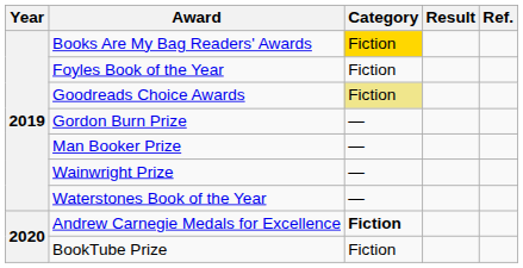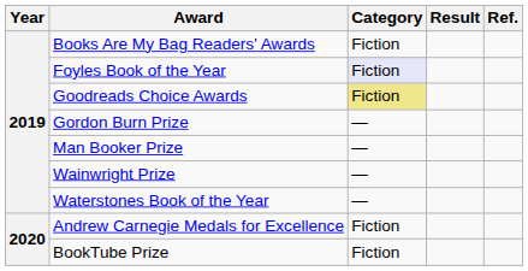 <table class="wikitable sortable">
 <tr>
 <th>Year</th>
 <th>Award</th>
 <th>Category</th>
 <th>Result</th>
 <th>Ref.</th>
 </tr>
 <tr>
 <th rowspan="7">2019</th>
 <td><a href='#'>Books Are My Bag Readers' Awards</a></td>
-<td style="background: gold;">Fiction</td>
+<td>Fiction</td>
 <td></td>
 <td></td>
 </tr>
 <tr>
 <td><a href='#'>Foyles Book of the Year</a></td>
-<td>Fiction</td>
+<td style="background: lavender;">Fiction</td>
 <td></td>
 <td></td>
 </tr>
 <tr>
 <td><a href='#'>Goodreads Choice Awards</a></td>
 <td style="background: khaki;">Fiction</td>
 <td></td>
 <td></td>
 </tr>
 <tr>
 <td><a href='#'>Gordon Burn Prize</a></td>
 <td>—</td>
 <td></td>
 <td></td>
 </tr>
 <tr>
 <td><a href='#'>Man Booker Prize</a></td>
 <td>—</td>
 <td></td>
 <td></td>
 </tr>
 <tr>
 <td><a href='#'>Wainwright Prize</a></td>
 <td>—</td>
 <td></td>
 <td></td>
 </tr>
 <tr>
 <td><a href='#'>Waterstones Book of the Year</a></td>
 <td>—</td>
 <td></td>
 <td></td>
 </tr>
 <tr>
 <th rowspan="2">2020</th>
 <td><a href='#'>Andrew Carnegie Medals for Excellence</a></td>
-<td><strong>Fiction</strong></td>
+<td>Fiction</td>
 <td></td>
 <td></td>
 </tr>
 <tr>
 <td>BookTube Prize</td>
 <td>Fiction</td>
 <td></td>
 <td></td>
 </tr>
 </table>
